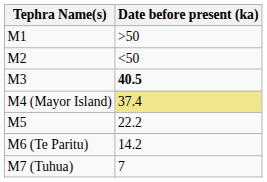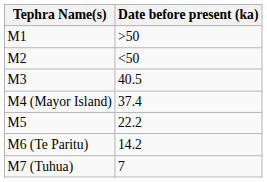 <table class="wikitable">
 <tr>
 <th>Tephra Name(s)</th>
 <th>Date before present (ka)</th>
 </tr>
 <tr>
 <td>M1</td>
 <td>>50</td>
 </tr>
 <tr>
 <td>M2</td>
 <td><50</td>
 </tr>
 <tr>
 <td>M3</td>
-<td><strong>40.5</strong></td>
+<td>40.5</td>
 </tr>
 <tr>
 <td>M4 (Mayor Island)</td>
-<td style="background: khaki;">37.4</td>
+<td>37.4</td>
 </tr>
 <tr>
 <td>M5</td>
 <td>22.2</td>
 </tr>
 <tr>
 <td>M6 (Te Paritu)</td>
 <td>14.2</td>
 </tr>
 <tr>
 <td>M7 (Tuhua)</td>
 <td>7</td>
 </tr>
 </table>
